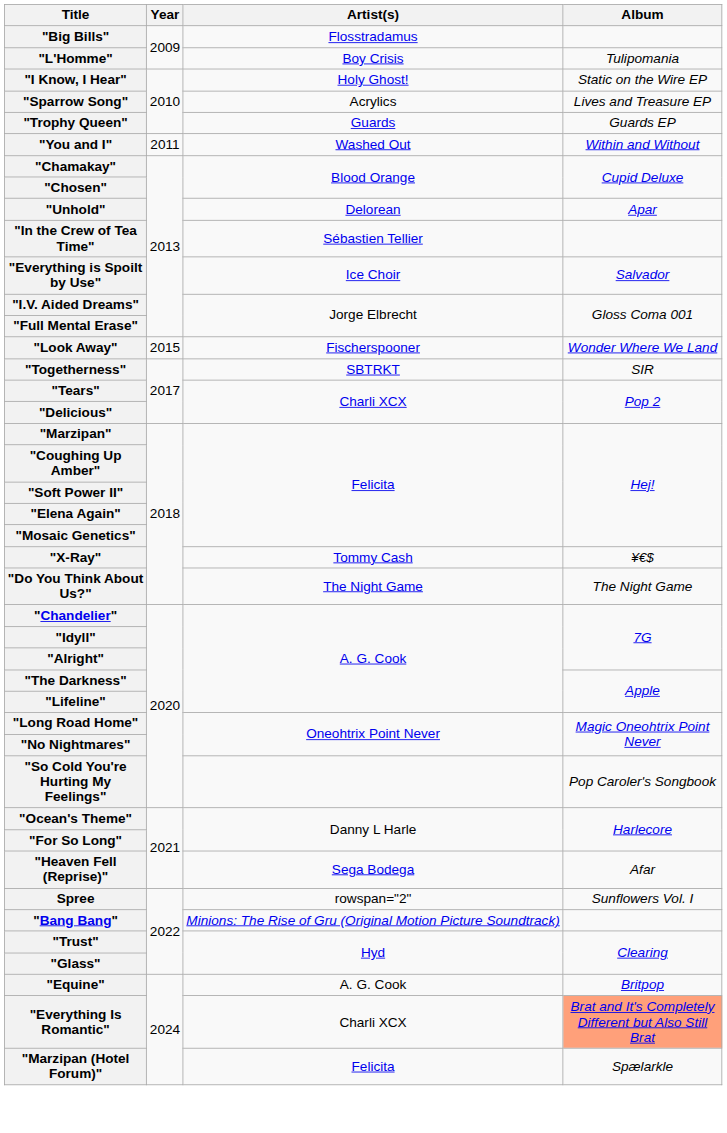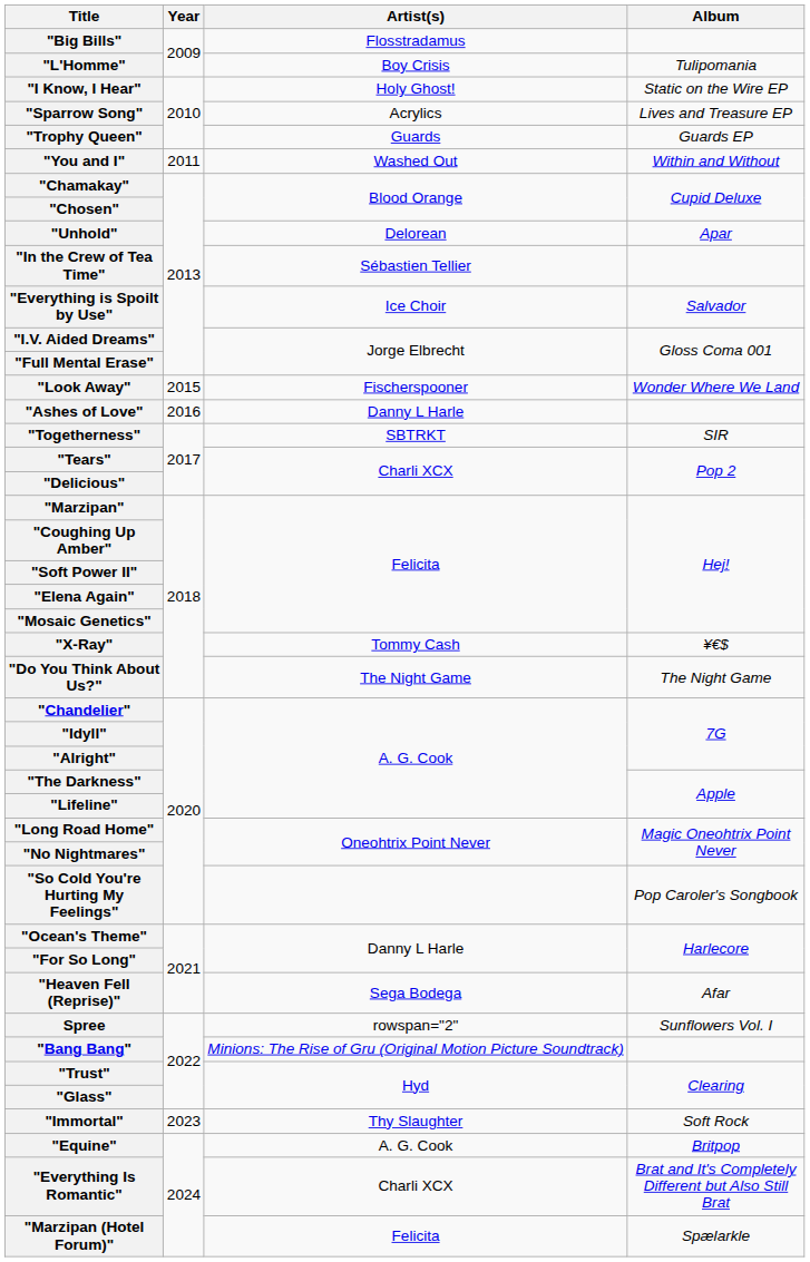 <table class="wikitable plainrowheaders" style="text-align:center;">
 <tr>
 <th scope="col" style="width:160px;">Title</th>
 <th scope="col">Year</th>
 <th scope="col">Artist(s)</th>
 <th scope="col" style="width:180px;">Album</th>
 </tr>
 <tr>
 <th scope="row">"Big Bills"</th>
 <td rowspan="2">2009</td>
 <td><a href='#'>Flosstradamus</a></td>
 <td></td>
 </tr>
 <tr>
 <th scope="row">"L'Homme"</th>
 <td><a href='#'>Boy Crisis</a></td>
 <td><em>Tulipomania</em></td>
 </tr>
 <tr>
 <th scope="row">"I Know, I Hear"<br></th>
 <td rowspan="3">2010</td>
 <td><a href='#'>Holy Ghost!</a></td>
 <td><em>Static on the Wire EP</em></td>
 </tr>
 <tr>
 <th scope="row">"Sparrow Song"</th>
 <td>Acrylics</td>
 <td><em>Lives and Treasure EP</em></td>
 </tr>
 <tr>
 <th scope="row">"Trophy Queen"</th>
 <td><a href='#'>Guards</a></td>
 <td><em>Guards EP</em></td>
 </tr>
 <tr>
 <th scope="row">"You and I"</th>
 <td>2011</td>
 <td><a href='#'>Washed Out</a></td>
 <td><em><a href='#'>Within and Without</a></em></td>
 </tr>
 <tr>
 <th scope="row">"Chamakay"</th>
 <td rowspan="7">2013</td>
 <td rowspan="2"><a href='#'>Blood Orange</a></td>
 <td rowspan="2"><em><a href='#'>Cupid Deluxe</a></em></td>
 </tr>
 <tr>
 <th scope="row">"Chosen"</th>
 </tr>
 <tr>
 <th scope="row">"Unhold"</th>
 <td><a href='#'>Delorean</a></td>
 <td><em><a href='#'>Apar</a></em></td>
 </tr>
 <tr>
 <th scope="row">"In the Crew of Tea Time"</th>
 <td><a href='#'>Sébastien Tellier</a></td>
 <td></td>
 </tr>
 <tr>
 <th scope="row">"Everything is Spoilt by Use"</th>
 <td><a href='#'>Ice Choir</a></td>
 <td><em><a href='#'>Salvador</a></em></td>
 </tr>
 <tr>
 <th scope="row">"I.V. Aided Dreams"</th>
 <td rowspan="2">Jorge Elbrecht</td>
 <td rowspan="2"><em>Gloss Coma 001</em></td>
 </tr>
 <tr>
 <th scope="row">"Full Mental Erase"</th>
 </tr>
 <tr>
 <th scope="row">"Look Away"</th>
 <td>2015</td>
 <td><a href='#'>Fischerspooner</a></td>
 <td><em><a href='#'>Wonder Where We Land</a></em></td>
+</tr>
+<tr>
+<th scope="row">"Ashes of Love"</th>
+<td>2016</td>
+<td><a href='#'>Danny L Harle</a></td>
+<td></td>
 </tr>
 <tr>
 <th scope="row">"Togetherness"</th>
 <td rowspan="3">2017</td>
 <td><a href='#'>SBTRKT</a></td>
 <td><em>SIR</em></td>
 </tr>
 <tr>
 <th scope="row">"Tears"</th>
 <td rowspan="2"><a href='#'>Charli XCX</a></td>
 <td rowspan="2"><em><a href='#'>Pop 2</a></em></td>
 </tr>
 <tr>
 <th scope="row">"Delicious"</th>
 </tr>
 <tr>
 <th scope="row">"Marzipan"</th>
 <td rowspan="7">2018</td>
 <td rowspan="5"><a href='#'>Felicita</a></td>
 <td rowspan="5"><em><a href='#'>Hej!</a></em></td>
 </tr>
 <tr>
 <th scope="row">"Coughing Up Amber"</th>
 </tr>
 <tr>
 <th scope="row">"Soft Power II"</th>
 </tr>
 <tr>
 <th scope="row">"Elena Again"</th>
 </tr>
 <tr>
 <th scope="row">"Mosaic Genetics"</th>
 </tr>
 <tr>
 <th scope="row">"X-Ray"</th>
 <td><a href='#'>Tommy Cash</a></td>
 <td><em>¥€$</em></td>
 </tr>
 <tr>
 <th scope="row">"Do You Think About Us?"</th>
 <td><a href='#'>The Night Game</a></td>
 <td><em>The Night Game</em></td>
 </tr>
 <tr>
 <th scope="row">"<a href='#'>Chandelier</a>"</th>
 <td rowspan="8">2020</td>
 <td rowspan="5"><a href='#'>A. G. Cook</a></td>
 <td rowspan="3"><em><a href='#'>7G</a></em></td>
 </tr>
 <tr>
 <th scope="row">"Idyll"</th>
 </tr>
 <tr>
 <th scope="row">"Alright"</th>
 </tr>
 <tr>
 <th scope="row">"The Darkness"</th>
 <td rowspan="2"><em><a href='#'>Apple</a></em></td>
 </tr>
 <tr>
 <th scope="row">"Lifeline"</th>
 </tr>
 <tr>
 <th scope="row">"Long Road Home"</th>
 <td rowspan="2"><a href='#'>Oneohtrix Point Never</a></td>
 <td rowspan="2"><em><a href='#'>Magic Oneohtrix Point Never</a></em></td>
 </tr>
 <tr>
 <th scope="row">"No Nightmares"</th>
 </tr>
 <tr>
 <th scope="row">"So Cold You're Hurting My Feelings"</th>
 <td></td>
 <td><em>Pop Caroler's Songbook</em></td>
 </tr>
 <tr>
 <th scope="row">"Ocean's Theme"</th>
 <td rowspan="3">2021</td>
 <td rowspan="2">Danny L Harle</td>
 <td rowspan="2"><em><a href='#'>Harlecore</a></em></td>
 </tr>
 <tr>
 <th scope="row">"For So Long"</th>
 </tr>
 <tr>
 <th scope="row">"Heaven Fell (Reprise)"</th>
 <td><a href='#'>Sega Bodega</a></td>
 <td><em>Afar</em></td>
 </tr>
 <tr>
 <th scope="row">Spree<br></th>
 <td rowspan="4">2022</td>
 <td>rowspan="2" </td>
 <td><em>Sunflowers Vol. I</em></td>
 </tr>
 <tr>
 <th scope="row">"<a href='#'>Bang Bang</a>"</th>
 <td><em><a href='#'>Minions: The Rise of Gru (Original Motion Picture Soundtrack)</a></em></td>
 </tr>
 <tr>
 <th scope="row">"Trust"</th>
 <td rowspan="2"><a href='#'>Hyd</a></td>
 <td rowspan="2"><em><a href='#'>Clearing</a></em></td>
 </tr>
 <tr>
 <th scope="row">"Glass"</th>
 </tr>
 <tr>
+<th scope="row">"Immortal"</th>
+<td>2023</td>
+<td><a href='#'>Thy Slaughter</a></td>
+<td><em>Soft Rock</em></td>
+</tr>
+<tr>
 <th scope="row">"Equine"</th>
 <td rowspan="3">2024</td>
 <td>A. G. Cook</td>
 <td><em><a href='#'>Britpop</a></em></td>
 </tr>
 <tr>
 <th scope="row">"Everything Is Romantic"</th>
 <td>Charli XCX</td>
-<td style="background: lightsalmon;"><em><a href='#'>Brat and It's Completely Different but Also Still Brat</a></em></td>
+<td><em><a href='#'>Brat and It's Completely Different but Also Still Brat</a></em></td>
 </tr>
 <tr>
 <th scope="row">"Marzipan (Hotel Forum)"</th>
 <td><a href='#'>Felicita</a></td>
 <td><em>Spælarkle</em></td>
 </tr>
 </table>
